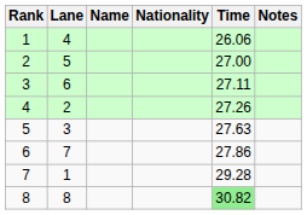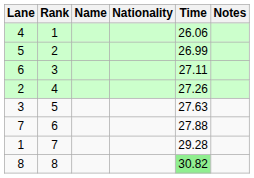 <table class="wikitable sortable" style="text-align:center">
 <tr>
+<th>Lane</th>
 <th>Rank</th>
-<th>Lane</th>
 <th>Name</th>
 <th>Nationality</th>
 <th>Time</th>
 <th>Notes</th>
 </tr>
 <tr bgcolor=ccffcc>
+<td>4</td>
 <td>1</td>
-<td>4</td>
 <td align=left></td>
 <td align=left></td>
 <td>26.06</td>
 <td><strong></strong></td>
 </tr>
 <tr bgcolor=ccffcc>
+<td>5</td>
 <td>2</td>
-<td>5</td>
 <td align=left></td>
 <td align=left></td>
-<td>27.00</td>
+<td>26.99</td>
 <td><strong></strong></td>
 </tr>
 <tr bgcolor=ccffcc>
+<td>6</td>
 <td>3</td>
-<td>6</td>
 <td align=left></td>
 <td align=left></td>
 <td>27.11</td>
 <td><strong></strong></td>
 </tr>
 <tr bgcolor=ccffcc>
+<td>2</td>
 <td>4</td>
-<td>2</td>
 <td align=left></td>
 <td align=left></td>
 <td>27.26</td>
 <td><strong></strong></td>
 </tr>
 <tr>
+<td>3</td>
 <td>5</td>
-<td>3</td>
 <td align=left></td>
 <td align=left></td>
 <td>27.63</td>
 <td></td>
 </tr>
 <tr>
+<td>7</td>
 <td>6</td>
-<td>7</td>
 <td align=left></td>
 <td align=left></td>
-<td>27.86</td>
+<td>27.88</td>
 <td></td>
 </tr>
 <tr>
+<td>1</td>
 <td>7</td>
-<td>1</td>
 <td align=left></td>
 <td align=left></td>
 <td>29.28</td>
 <td></td>
 </tr>
 <tr>
 <td>8</td>
 <td>8</td>
 <td align=left></td>
 <td align=left></td>
 <td style="background: lightgreen;">30.82</td>
 <td></td>
 </tr>
 </table>
